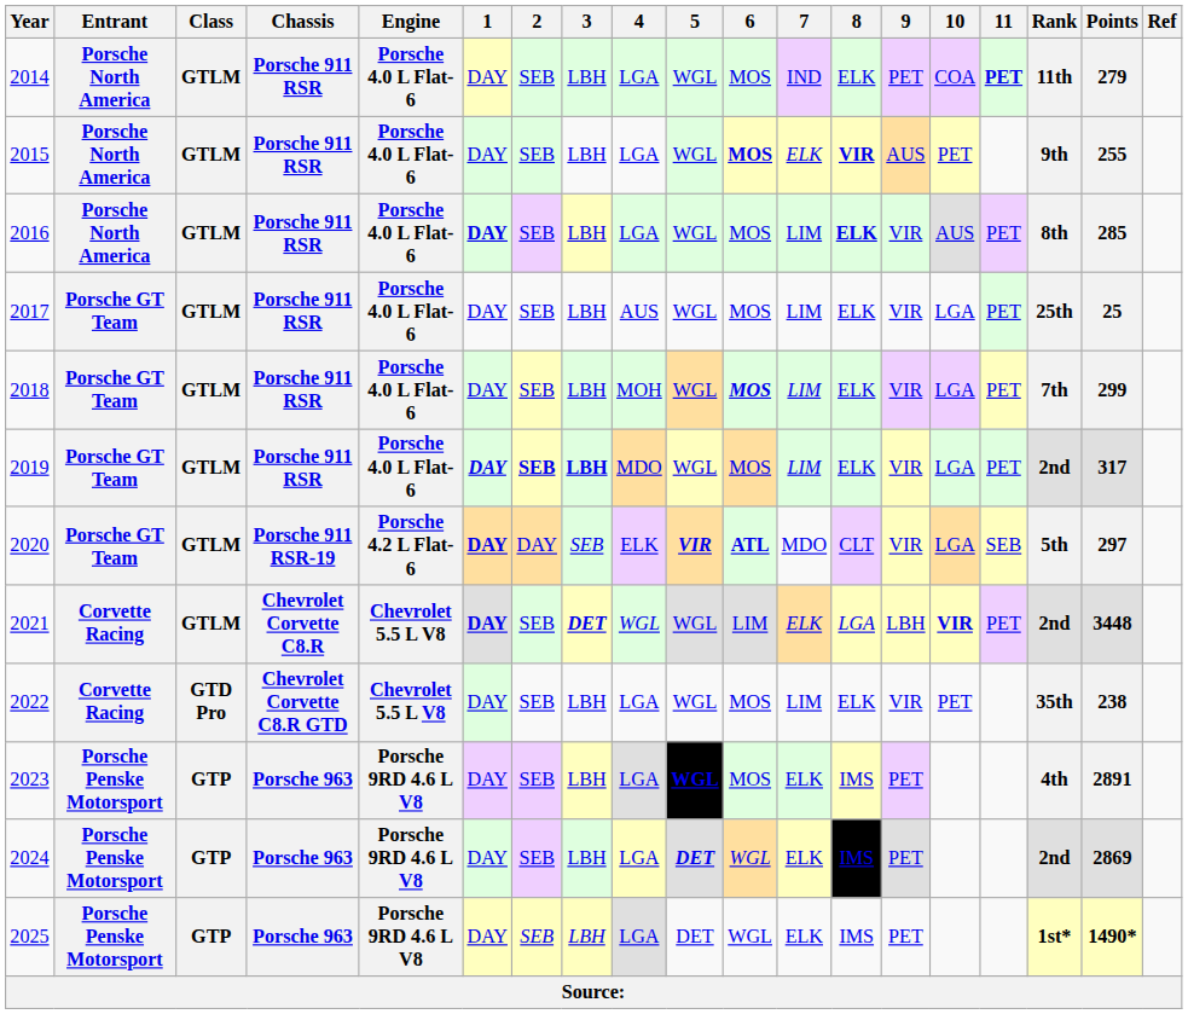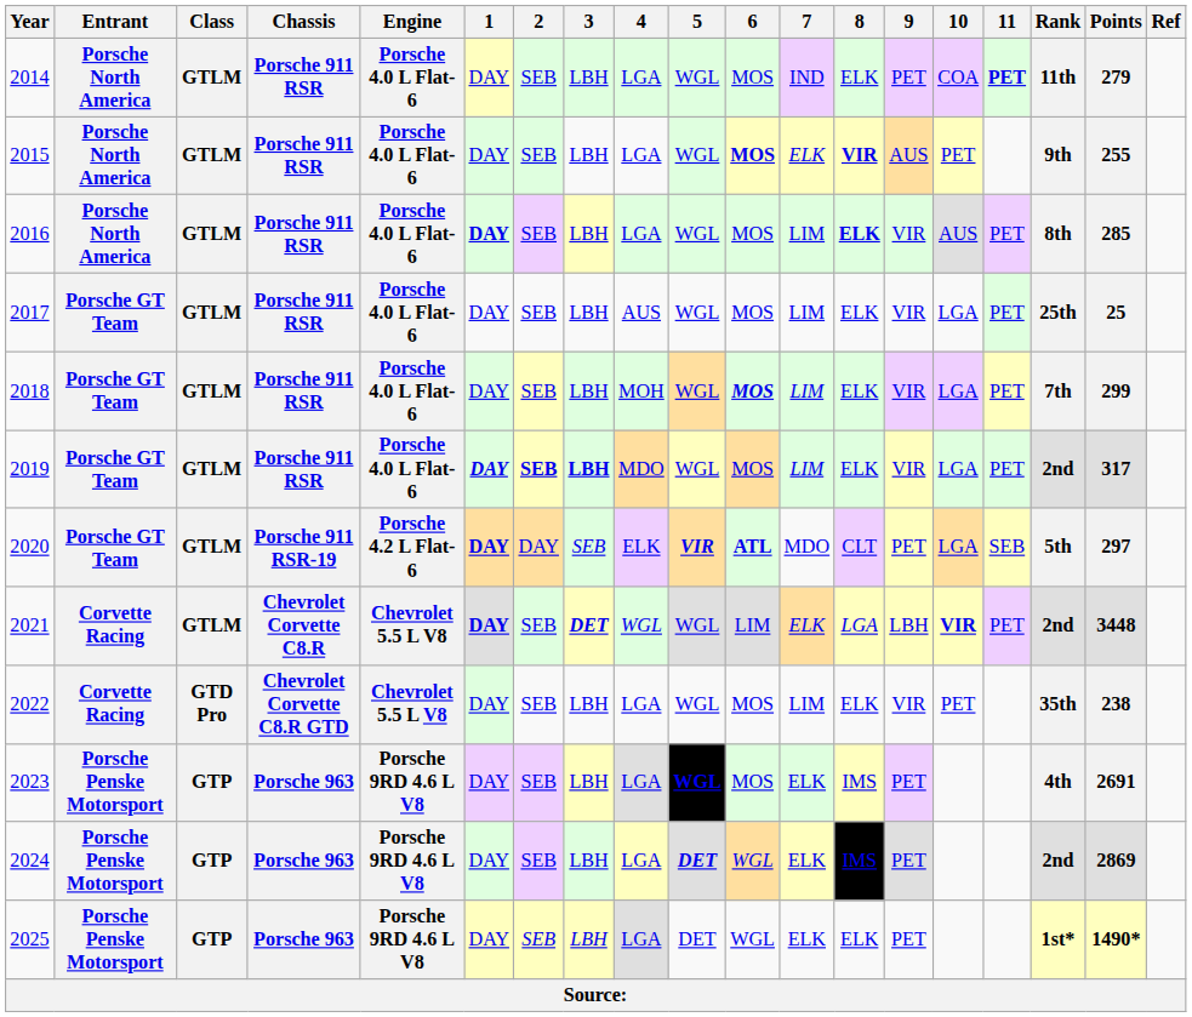 <table class="wikitable" style="text-align:center; font-size:90%">
 <tr>
 <th>Year</th>
 <th>Entrant</th>
 <th>Class</th>
 <th>Chassis</th>
 <th>Engine</th>
 <th>1</th>
 <th>2</th>
 <th>3</th>
 <th>4</th>
 <th>5</th>
 <th>6</th>
 <th>7</th>
 <th>8</th>
 <th>9</th>
 <th>10</th>
 <th>11</th>
 <th>Rank</th>
 <th>Points</th>
 <th>Ref</th>
 </tr>
 <tr>
 <td><a href='#'>2014</a></td>
 <th><a href='#'>Porsche North America</a></th>
 <th>GTLM</th>
 <th><a href='#'>Porsche 911 RSR</a></th>
 <th><a href='#'>Porsche</a> 4.0 L Flat-6</th>
 <td style="background:#FFFFBF;"><a href='#'>DAY</a><br></td>
 <td style="background:#DFFFDF;"><a href='#'>SEB</a><br></td>
 <td style="background:#DFFFDF;"><a href='#'>LBH</a><br></td>
 <td style="background:#DFFFDF;"><a href='#'>LGA</a><br></td>
 <td style="background:#DFFFDF;"><a href='#'>WGL</a><br></td>
 <td style="background:#DFFFDF;"><a href='#'>MOS</a><br></td>
 <td style="background:#EFCFFF;"><a href='#'>IND</a><br></td>
 <td style="background:#DFFFDF;"><a href='#'>ELK</a><br></td>
 <td style="background:#EFCFFF;"><a href='#'>PET</a><br></td>
 <td style="background:#EFCFFF;"><a href='#'>COA</a><br></td>
 <td style="background:#DFFFDF;"><strong><a href='#'>PET</a></strong><br></td>
 <th>11th</th>
 <th>279</th>
 <td></td>
 </tr>
 <tr>
 <td><a href='#'>2015</a></td>
 <th><a href='#'>Porsche North America</a></th>
 <th>GTLM</th>
 <th><a href='#'>Porsche 911 RSR</a></th>
 <th><a href='#'>Porsche</a> 4.0 L Flat-6</th>
 <td style="background:#DFFFDF;"><a href='#'>DAY</a><br></td>
 <td style="background:#DFFFDF;"><a href='#'>SEB</a><br></td>
 <td style="background:#;”"><a href='#'>LBH</a><br></td>
 <td style="background:#;"><a href='#'>LGA</a><br></td>
 <td style="background:#DFFFDF;"><a href='#'>WGL</a><br></td>
 <td style="background:#FFFFBF;"><strong><a href='#'>MOS</a></strong><br></td>
 <td style="background:#FFFFBF;"><em><a href='#'>ELK</a></em><br></td>
 <td style="background:#FFFFBF;"><strong><a href='#'>VIR</a></strong><br></td>
 <td style="background:#FFDF9F;"><a href='#'>AUS</a><br></td>
 <td style="background:#FFFFBF;"><a href='#'>PET</a><br></td>
 <td></td>
 <th>9th</th>
 <th>255</th>
 <td></td>
 </tr>
 <tr>
 <td><a href='#'>2016</a></td>
 <th><a href='#'>Porsche North America</a></th>
 <th>GTLM</th>
 <th><a href='#'>Porsche 911 RSR</a></th>
 <th><a href='#'>Porsche</a> 4.0 L Flat-6</th>
 <td style="background:#DFFFDF;"><strong><a href='#'>DAY</a></strong><br></td>
 <td style="background:#EFCFFF;"><a href='#'>SEB</a><br></td>
 <td style="background:#FFFFBF;"><a href='#'>LBH</a><br></td>
 <td style="background:#DFFFDF;"><a href='#'>LGA</a><br></td>
 <td style="background:#DFFFDF;"><a href='#'>WGL</a><br></td>
 <td style="background:#DFFFDF;"><a href='#'>MOS</a><br></td>
 <td style="background:#DFFFDF;"><a href='#'>LIM</a><br></td>
 <td style="background:#DFFFDF;"><strong><a href='#'>ELK</a><br></strong></td>
 <td style="background:#DFFFDF;"><a href='#'>VIR</a><br></td>
 <td style="background:#DFDFDF;"><a href='#'>AUS</a><br></td>
 <td style="background:#EFCFFF;"><a href='#'>PET</a><br></td>
 <th>8th</th>
 <th>285</th>
 <td></td>
 </tr>
 <tr>
 <td><a href='#'>2017</a></td>
 <th><a href='#'>Porsche GT Team</a></th>
 <th>GTLM</th>
 <th><a href='#'>Porsche 911 RSR</a></th>
 <th><a href='#'>Porsche</a> 4.0 L Flat-6</th>
 <td style="background:#;"><a href='#'>DAY</a><br></td>
 <td style="background:#;"><a href='#'>SEB</a><br></td>
 <td style="background:#;"><a href='#'>LBH</a><br></td>
 <td style="background:#;"><a href='#'>AUS</a><br></td>
 <td style="background:#;"><a href='#'>WGL</a><br></td>
 <td style="background:#;"><a href='#'>MOS</a><br></td>
 <td style="background:#;"><a href='#'>LIM</a><br></td>
 <td style="background:#;"><a href='#'>ELK</a><br></td>
 <td style="background:#;"><a href='#'>VIR</a><br></td>
 <td style="background:#;"><a href='#'>LGA</a><br></td>
 <td style="background:#DFFFDF;"><a href='#'>PET</a><br></td>
 <th>25th</th>
 <th>25</th>
 <td></td>
 </tr>
 <tr>
 <td><a href='#'>2018</a></td>
 <th><a href='#'>Porsche GT Team</a></th>
 <th>GTLM</th>
 <th><a href='#'>Porsche 911 RSR</a></th>
 <th><a href='#'>Porsche</a> 4.0 L Flat-6</th>
 <td style="background:#DFFFDF;"><a href='#'>DAY</a><br></td>
 <td style="background:#FFFFBF;"><a href='#'>SEB</a><br></td>
 <td style="background:#DFFFDF;"><a href='#'>LBH</a><br></td>
 <td style="background:#DFFFDF;"><a href='#'>MOH</a><br></td>
 <td style="background:#FFDF9F;"><a href='#'>WGL</a><br></td>
 <td style="background:#DFFFDF;"><strong><em><a href='#'>MOS</a></em></strong><br></td>
 <td style="background:#DFFFDF;"><em><a href='#'>LIM</a></em><br></td>
 <td style="background:#DFFFDF;"><a href='#'>ELK</a><br></td>
 <td style="background:#EFCFFF;"><a href='#'>VIR</a><br></td>
 <td style="background:#EFCFFF;"><a href='#'>LGA</a><br></td>
 <td style="background:#FFFFBF;"><a href='#'>PET</a><br></td>
 <th>7th</th>
 <th>299</th>
 <td></td>
 </tr>
 <tr>
 <td><a href='#'>2019</a></td>
 <th><a href='#'>Porsche GT Team</a></th>
 <th>GTLM</th>
 <th><a href='#'>Porsche 911 RSR</a></th>
 <th><a href='#'>Porsche</a> 4.0 L Flat-6</th>
 <td style="background:#DFFFDF;"><strong><em><a href='#'>DAY</a></em></strong><br></td>
 <td style="background:#FFFFBF;"><strong><a href='#'>SEB</a></strong><br></td>
 <td style="background:#DFFFDF;"><strong><a href='#'>LBH</a></strong><br></td>
 <td style="background:#FFDF9F;"><a href='#'>MDO</a><br></td>
 <td style="background:#FFFFBF;"><a href='#'>WGL</a><br></td>
 <td style="background:#FFDF9F;"><a href='#'>MOS</a><br></td>
 <td style="background:#DFFFDF;"><em><a href='#'>LIM</a></em><br></td>
 <td style="background:#DFFFDF;"><a href='#'>ELK</a><br></td>
 <td style="background:#FFFFBF;"><a href='#'>VIR</a><br></td>
 <td style="background:#DFFFDF;"><a href='#'>LGA</a><br></td>
 <td style="background:#DFFFDF;"><a href='#'>PET</a><br></td>
 <th style="background:#DFDFDF;">2nd</th>
 <th style="background:#DFDFDF;">317</th>
 <td></td>
 </tr>
 <tr>
 <td><a href='#'>2020</a></td>
 <th><a href='#'>Porsche GT Team</a></th>
 <th>GTLM</th>
 <th><a href='#'>Porsche 911 RSR-19</a></th>
 <th><a href='#'>Porsche</a> 4.2 L Flat-6</th>
 <td style="background:#FFDF9F;"><strong><a href='#'>DAY</a></strong><br></td>
 <td style="background:#FFDF9F;"><a href='#'>DAY</a><br></td>
 <td style="background:#DFFFDF;"><em><a href='#'>SEB</a></em><br></td>
 <td style="background:#EFCFFF;"><a href='#'>ELK</a><br></td>
 <td style="background:#FFDF9F;"><strong><em><a href='#'>VIR</a></em></strong><br></td>
 <td style="background:#DFFFDF;"><strong><a href='#'>ATL</a></strong><br></td>
 <td><a href='#'>MDO</a></td>
 <td style="background:#EFCFFF;"><a href='#'>CLT</a><br></td>
-<td style="background:#FFFFBF;"><a href='#'>VIR</a><br></td>
+<td style="background:#FFFFBF;"><a href='#'>PET</a><br></td>
 <td style="background:#FFDF9F;"><a href='#'>LGA</a><br></td>
 <td style="background:#FFFFBF;"><a href='#'>SEB</a><br></td>
 <th>5th</th>
 <th>297</th>
 <td></td>
 </tr>
 <tr>
 <td><a href='#'>2021</a></td>
 <th><a href='#'>Corvette Racing</a></th>
 <th>GTLM</th>
 <th><a href='#'>Chevrolet Corvette C8.R</a></th>
 <th><a href='#'>Chevrolet</a> 5.5 L V8</th>
 <td style="background:#DFDFDF;"><strong><a href='#'>DAY</a></strong><br></td>
 <td style="background:#DFFFDF;"><a href='#'>SEB</a><br></td>
 <td style="background:#FFFFBF;"><strong><em><a href='#'>DET</a></em></strong><br></td>
 <td style="background:#DFFFDF;"><em><a href='#'>WGL</a></em><br></td>
 <td style="background:#DFDFDF;"><a href='#'>WGL</a><br></td>
 <td style="background:#DFDFDF;"><a href='#'>LIM</a><br></td>
 <td style="background:#FFDF9F;"><em><a href='#'>ELK</a></em><br></td>
 <td style="background:#FFFFBF;"><em><a href='#'>LGA</a></em><br></td>
 <td style="background:#FFFFBF;"><a href='#'>LBH</a><br></td>
 <td style="background:#FFFFBF;"><strong><a href='#'>VIR</a></strong><br></td>
 <td style="background:#EFCFFF;"><a href='#'>PET</a><br></td>
 <th style="background:#DFDFDF;">2nd</th>
 <th style="background:#DFDFDF;">3448</th>
 <td></td>
 </tr>
 <tr>
 <td><a href='#'>2022</a></td>
 <th><a href='#'>Corvette Racing</a></th>
 <th>GTD Pro</th>
 <th><a href='#'>Chevrolet Corvette C8.R GTD</a></th>
 <th><a href='#'>Chevrolet</a> 5.5 L <a href='#'>V8</a></th>
 <td style="background:#DFFFDF;"><a href='#'>DAY</a><br></td>
 <td><a href='#'>SEB</a></td>
 <td><a href='#'>LBH</a></td>
 <td><a href='#'>LGA</a></td>
 <td><a href='#'>WGL</a></td>
 <td><a href='#'>MOS</a></td>
 <td><a href='#'>LIM</a></td>
 <td><a href='#'>ELK</a></td>
 <td><a href='#'>VIR</a></td>
 <td><a href='#'>PET</a></td>
 <td></td>
 <th>35th</th>
 <th>238</th>
 <td></td>
 </tr>
 <tr>
 <td><a href='#'>2023</a></td>
 <th><a href='#'>Porsche Penske Motorsport</a></th>
 <th>GTP</th>
 <th><a href='#'>Porsche 963</a></th>
 <th>Porsche 9RD 4.6 L <a href='#'>V8</a></th>
 <td style="background:#EFCFFF;"><a href='#'>DAY</a><br></td>
 <td style="background:#EFCFFF;"><a href='#'>SEB</a><br></td>
 <td style="background:#FFFFBF;"><a href='#'>LBH</a><br></td>
 <td style="background:#DFDFDF;"><a href='#'>LGA</a><br></td>
 <td style="background:#000000;color:white"><strong><a href='#'><span>WGL</span></a></strong><br></td>
 <td style="background:#DFFFDF;"><a href='#'>MOS</a><br></td>
 <td style="background:#DFFFDF;"><a href='#'>ELK</a><br></td>
 <td style="background:#FFFFBF;"><a href='#'>IMS</a><br></td>
 <td style="background:#EFCFFF;"><a href='#'>PET</a><br></td>
 <td></td>
 <td></td>
 <th>4th</th>
-<th>2891</th>
+<th>2691</th>
 <td></td>
 </tr>
 <tr>
 <td><a href='#'>2024</a></td>
 <th><a href='#'>Porsche Penske Motorsport</a></th>
 <th>GTP</th>
 <th><a href='#'>Porsche 963</a></th>
 <th>Porsche 9RD 4.6 L <a href='#'>V8</a></th>
 <td style="background:#DFFFDF;"><a href='#'>DAY</a><br></td>
 <td style="background:#EFCFFF;"><a href='#'>SEB</a><br></td>
 <td style="background:#DFFFDF;"><a href='#'>LBH</a><br></td>
 <td style="background:#FFFFBF;"><a href='#'>LGA</a><br></td>
 <td style="background:#DFDFDF;"><strong><em><a href='#'>DET</a></em></strong><br></td>
 <td style="background:#FFDF9F;"><em><a href='#'>WGL</a></em><br></td>
 <td style="background:#FFFFBF;"><a href='#'>ELK</a><br></td>
 <td style="background:#000000;color:white"><a href='#'><span>IMS</span></a><br></td>
 <td style="background:#DFDFDF;"><a href='#'>PET</a><br></td>
 <td></td>
 <td></td>
 <th style="background:#DFDFDF;">2nd</th>
 <th style="background:#DFDFDF;">2869</th>
 <td></td>
 </tr>
 <tr>
 <td><a href='#'>2025</a></td>
 <th><a href='#'>Porsche Penske Motorsport</a></th>
 <th>GTP</th>
 <th><a href='#'>Porsche 963</a></th>
 <th>Porsche 9RD 4.6 L V8</th>
 <td style="background:#FFFFBF;"><a href='#'>DAY</a><br></td>
 <td style="background:#FFFFBF;"><em><a href='#'>SEB</a></em><br></td>
 <td style="background:#FFFFBF;"><em><a href='#'>LBH</a></em><br></td>
 <td style="background:#DFDFDF;"><a href='#'>LGA</a><br></td>
 <td style="background:#;"><a href='#'>DET</a><br></td>
 <td style="background:#;"><a href='#'>WGL</a><br></td>
 <td style="background:#;"><a href='#'>ELK</a><br></td>
-<td style="background:#;"><a href='#'>IMS</a><br></td>
+<td style="background:#;"><a href='#'>ELK</a><br></td>
 <td style="background:#;"><a href='#'>PET</a><br></td>
 <td></td>
 <td></td>
 <th style="background:#FFFFBF;">1st*</th>
 <th style="background:#FFFFBF;">1490*</th>
 </tr>
 <tr>
 <th colspan="19">Source:</th>
 </tr>
 </table>
